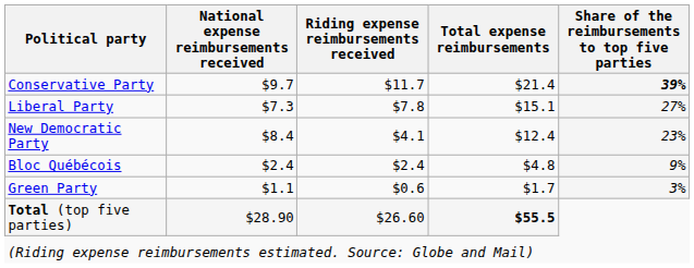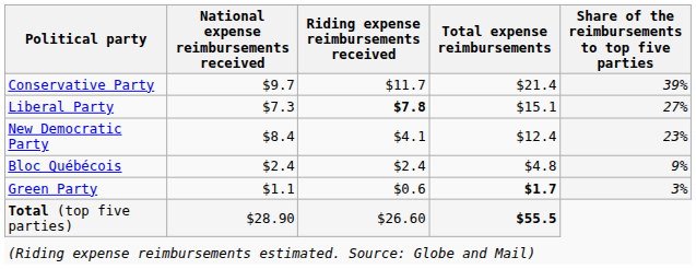 <table class="wikitable" bgcolor="#cccccc" style="border:1px; text-align: right">
 <tr style="text-align:center">
 <th width="150px">Political party</th>
 <th width="120px">National expense reimbursements received</th>
 <th width="120px">Riding expense reimbursements received</th>
 <th width="120px">Total expense reimbursements</th>
 <th width="120px">Share of the reimbursements to top five parties</th>
 </tr>
 <tr>
 <td align="left"><a href='#'>Conservative Party</a></td>
 <td>$9.7</td>
 <td>$11.7</td>
 <td>$21.4</td>
-<td style="background:#f5f5f5;"><strong><em>39%</em></strong></td>
+<td style="background:#f5f5f5;"><em>39%</em></td>
 </tr>
 <tr>
 <td align="left"><a href='#'>Liberal Party</a></td>
 <td>$7.3</td>
-<td>$7.8</td>
+<td><strong>$7.8</strong></td>
 <td>$15.1</td>
 <td style="background:#f5f5f5;"><em>27%</em></td>
 </tr>
 <tr>
 <td align="left"><a href='#'>New Democratic Party</a></td>
 <td>$8.4</td>
 <td>$4.1</td>
 <td>$12.4</td>
 <td style="background:#f5f5f5;"><em>23%</em></td>
 </tr>
 <tr>
 <td align="left"><a href='#'>Bloc Québécois</a></td>
 <td>$2.4</td>
 <td>$2.4</td>
 <td>$4.8</td>
 <td style="background:#f5f5f5;"><em>9%</em></td>
 </tr>
 <tr>
 <td align="left"><a href='#'>Green Party</a></td>
 <td>$1.1</td>
 <td>$0.6</td>
-<td>$1.7</td>
+<td><strong>$1.7</strong></td>
 <td style="background:#f5f5f5;"><em>3%</em></td>
 </tr>
 <tr>
 <td style="text-align:left; background:#f5f5f5;"><strong>Total</strong> (top five parties)</td>
 <td style="background:#f5f5f5;">$28.90</td>
 <td style="background:#f5f5f5;">$26.60</td>
 <td style="background:#f5f5f5;"><strong>$55.5</strong></td>
 </tr>
 <tr>
 <td style="border:0px;"></td>
 </tr>
 <tr>
 <td colspan="5" style="text-align:left; border:0px;"><em>(Riding expense reimbursements estimated. Source: Globe and Mail)</em></td>
 </tr>
 </table>
